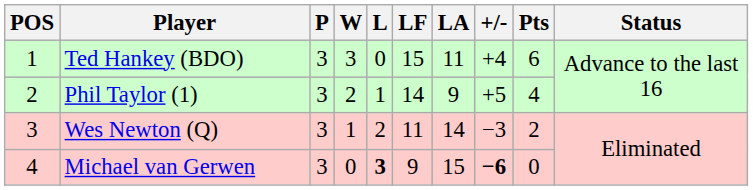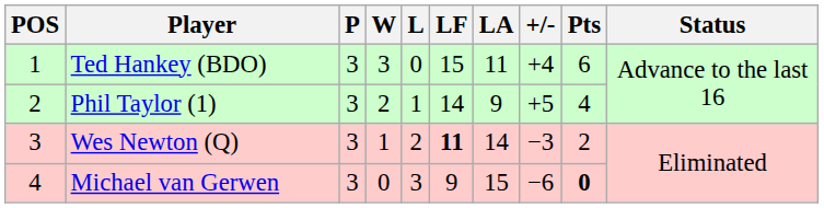 <table class="wikitable" style="text-align:center; margin: 1em auto 1em auto, align:left">
 <tr>
 <th width=20>POS</th>
 <th width=169>Player</th>
 <th width=3>P</th>
 <th width=3>W</th>
 <th width=3>L</th>
 <th width=20>LF</th>
 <th width=20>LA</th>
 <th width=20>+/-</th>
 <th width=20>Pts</th>
 <th width=129>Status</th>
 </tr>
 <tr style="background:#CCFFCC;">
 <td>1</td>
 <td style="text-align:left;"> <a href='#'>Ted Hankey</a> (BDO)</td>
 <td>3</td>
 <td>3</td>
 <td>0</td>
 <td>15</td>
 <td>11</td>
 <td>+4</td>
 <td>6</td>
 <td rowspan=2>Advance to the last 16</td>
 </tr>
 <tr style="background:#CCFFCC;">
 <td>2</td>
 <td style="text-align:left;"> <a href='#'>Phil Taylor</a> (1)</td>
 <td>3</td>
 <td>2</td>
 <td>1</td>
 <td>14</td>
 <td>9</td>
 <td>+5</td>
 <td>4</td>
 </tr>
 <tr style="background:#FFCCCC;">
 <td>3</td>
 <td style="text-align:left;"> <a href='#'>Wes Newton</a> (Q)</td>
 <td>3</td>
 <td>1</td>
 <td>2</td>
-<td>11</td>
+<td><strong>11</strong></td>
 <td>14</td>
 <td>−3</td>
 <td>2</td>
 <td rowspan=2>Eliminated</td>
 </tr>
 <tr style="background:#FFCCCC;">
 <td>4</td>
 <td style="text-align:left;"> <a href='#'>Michael van Gerwen</a></td>
 <td>3</td>
 <td>0</td>
-<td><strong>3</strong></td>
+<td>3</td>
 <td>9</td>
 <td>15</td>
-<td><strong>−6</strong></td>
-<td>0</td>
+<td>−6</td>
+<td><strong>0</strong></td>
 </tr>
 </table>
